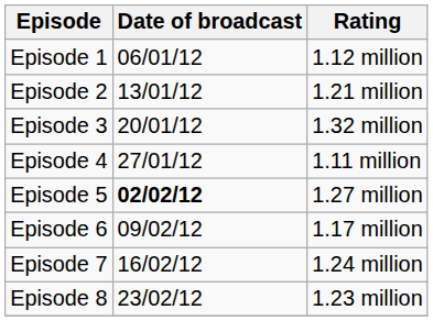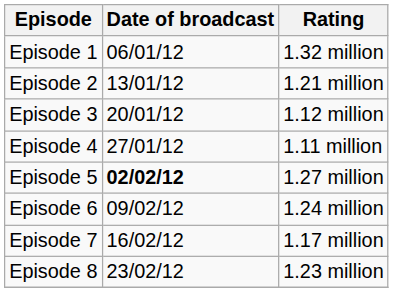 <table class="wikitable">
 <tr>
 <th>Episode</th>
 <th>Date of broadcast</th>
 <th>Rating</th>
 </tr>
 <tr>
 <td>Episode 1</td>
 <td>06/01/12</td>
-<td>1.12 million</td>
+<td>1.32 million</td>
 </tr>
 <tr>
 <td>Episode 2</td>
 <td>13/01/12</td>
 <td>1.21 million</td>
 </tr>
 <tr>
 <td>Episode 3</td>
 <td>20/01/12</td>
-<td>1.32 million</td>
+<td>1.12 million</td>
 </tr>
 <tr>
 <td>Episode 4</td>
 <td>27/01/12</td>
 <td>1.11 million</td>
 </tr>
 <tr>
 <td>Episode 5</td>
 <td><strong>02/02/12</strong></td>
 <td>1.27 million</td>
 </tr>
 <tr>
 <td>Episode 6</td>
 <td>09/02/12</td>
-<td>1.17 million</td>
+<td>1.24 million</td>
 </tr>
 <tr>
 <td>Episode 7</td>
 <td>16/02/12</td>
-<td>1.24 million</td>
+<td>1.17 million</td>
 </tr>
 <tr>
 <td>Episode 8</td>
 <td>23/02/12</td>
 <td>1.23 million</td>
 </tr>
 <tr>
 </tr>
 </table>
